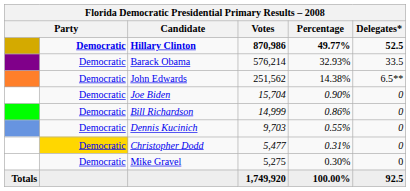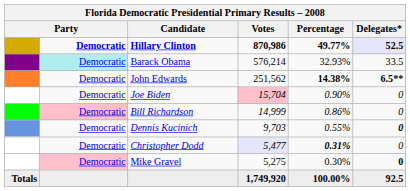 <table class="wikitable" style="font-size: 95%; text-align:right;">
 <tr>
 <th colspan="6">Florida Democratic Presidential Primary Results – 2008</th>
 </tr>
 <tr>
 <th colspan="2" style="width: 15em">Party</th>
 <th style="width: 15em">Candidate</th>
 <th style="width: 5em">Votes</th>
 <th style="width: 7em">Percentage</th>
 <th style="width: 5em">Delegates*</th>
 </tr>
 <tr>
 <th style="background-color:#D4AA00; width: 3px"></th>
 <td style="width: 130px"><strong><a href='#'>Democratic</a></strong></td>
 <td align="left"><strong><a href='#'>Hillary Clinton</a></strong></td>
 <td><strong>870,986</strong></td>
 <td><strong>49.77%</strong></td>
-<td><strong>52.5</strong></td>
+<td style="background: lavender;"><strong>52.5</strong></td>
 </tr>
 <tr>
 <th style="background-color:#80008A; width: 3px"></th>
-<td style="width: 130px"><a href='#'>Democratic</a></td>
+<td style="background: paleturquoise; width: 130px"><a href='#'>Democratic</a></td>
 <td align="left"><a href='#'>Barack Obama</a></td>
 <td>576,214</td>
 <td>32.93%</td>
 <td>33.5</td>
 </tr>
 <tr>
 <th style="background-color:#FF7F2A; width: 3px"></th>
 <td style="width: 130px"><a href='#'>Democratic</a></td>
 <td align="left"><a href='#'>John Edwards</a></td>
 <td>251,562</td>
-<td>14.38%</td>
-<td>6.5**</td>
+<td><strong>14.38%</strong></td>
+<td><strong>6.5**</strong></td>
 </tr>
 <tr>
 <th style="background-color:white; width: 3px"></th>
 <td style="width: 130px"><a href='#'>Democratic</a></td>
 <td align="left"><em><a href='#'>Joe Biden</a></em></td>
-<td><em>15,704</em></td>
+<td style="background: pink;"><em>15,704</em></td>
 <td><em>0.90%</em></td>
 <td><em>0</em></td>
 </tr>
 <tr>
 <th style="background-color:#00FF00; width: 3px"></th>
-<td style="width: 130px"><a href='#'>Democratic</a></td>
+<td style="background: pink; width: 130px"><a href='#'>Democratic</a></td>
 <td align="left"><em><a href='#'>Bill Richardson</a></em></td>
 <td><em>14,999</em></td>
 <td><em>0.86%</em></td>
 <td><em>0</em></td>
 </tr>
 <tr>
 <th style="background-color:#6794e0; width: 3px"></th>
 <td style="width: 130px"><a href='#'>Democratic</a></td>
 <td align="left"><em><a href='#'>Dennis Kucinich</a></em></td>
 <td><em>9,703</em></td>
 <td><em>0.55%</em></td>
+<td><strong><em>0</em></strong></td>
+</tr>
+<tr>
+<th style="background-color:white; width: 3px"></th>
+<td style="width: 130px"><a href='#'>Democratic</a></td>
+<td align="left"><em><a href='#'>Christopher Dodd</a></em></td>
+<td style="background: lavender;"><em>5,477</em></td>
+<td><strong><em>0.31%</em></strong></td>
 <td><em>0</em></td>
 </tr>
 <tr>
 <th style="background-color:white; width: 3px"></th>
-<td style="background: gold; width: 130px"><a href='#'>Democratic</a></td>
-<td align="left"><em><a href='#'>Christopher Dodd</a></em></td>
-<td><em>5,477</em></td>
-<td><em>0.31%</em></td>
-<td><em>0</em></td>
-</tr>
-<tr>
-<th style="background-color:white; width: 3px"></th>
-<td style="width: 130px"><a href='#'>Democratic</a></td>
+<td style="background: pink; width: 130px"><a href='#'>Democratic</a></td>
 <td align="left"><a href='#'>Mike Gravel</a></td>
 <td>5,275</td>
 <td>0.30%</td>
-<td>0</td>
+<td><strong>0</strong></td>
 </tr>
 <tr style="margin-right:0.5em" bgcolor="#EEEEEE">
 <td><strong>Totals</strong></td>
 <td></td>
 <td></td>
 <td><strong>1,749,920</strong></td>
 <td><strong>100.00%</strong></td>
 <td><strong>92.5</strong></td>
 </tr>
 </table>
